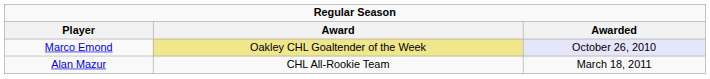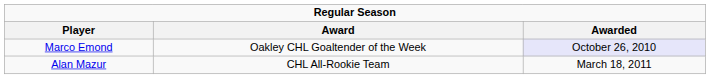 <table class="wikitable" width="52%" style="text-align:center">
 <tr>
 <td colspan="10" align="center"><strong>Regular Season</strong></td>
 </tr>
 <tr>
 <th>Player</th>
 <th>Award</th>
 <th>Awarded</th>
 </tr>
 <tr>
 <td><a href='#'>Marco Emond</a></td>
-<td style="background: khaki;">Oakley CHL Goaltender of the Week</td>
+<td>Oakley CHL Goaltender of the Week</td>
 <td style="background: lavender;">October 26, 2010</td>
 </tr>
 <tr>
 <td><a href='#'>Alan Mazur</a></td>
 <td>CHL All-Rookie Team</td>
 <td>March 18, 2011</td>
 </tr>
 </table>
